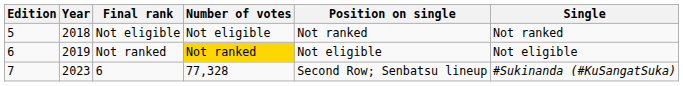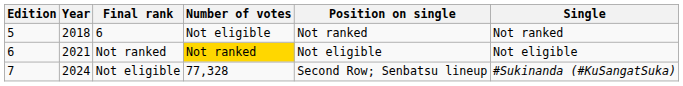 <table class="wikitable sortable">
 <tr>
 <th>Edition</th>
 <th>Year</th>
 <th>Final rank</th>
 <th>Number of votes</th>
 <th>Position on single</th>
 <th>Single<br></th>
 </tr>
 <tr>
 <td>5</td>
 <td>2018</td>
-<td>Not eligible</td>
+<td>6</td>
 <td>Not eligible</td>
 <td>Not ranked</td>
 <td>Not ranked</td>
 </tr>
 <tr>
 <td>6</td>
-<td>2019</td>
+<td>2021</td>
 <td>Not ranked</td>
 <td style="background: gold;">Not ranked</td>
 <td>Not eligible</td>
 <td>Not eligible</td>
 </tr>
 <tr>
 <td>7</td>
-<td>2023</td>
-<td>6</td>
+<td>2024</td>
+<td>Not eligible</td>
 <td>77,328</td>
 <td>Second Row; Senbatsu lineup</td>
 <td><em>#Sukinanda</em> <em>(#KuSangatSuka)</em></td>
 </tr>
 </table>
